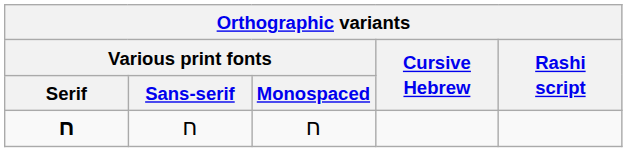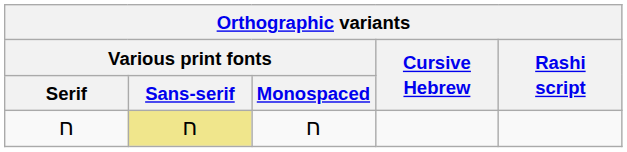 <table class="wikitable" style="text-align:center;">
 <tr>
 <th colspan="5"><small><a href='#'>Orthographic</a> variants</small></th>
 </tr>
 <tr>
 <th colspan="3"><small>Various print fonts</small></th>
 <th rowspan="2"><small><a href='#'>Cursive<br>Hebrew</a></small></th>
 <th rowspan="2"><small><a href='#'>Rashi<br>script</a></small></th>
 </tr>
 <tr>
 <th><small>Serif</small></th>
 <th><small><a href='#'>Sans-serif</a></small></th>
 <th><small><a href='#'>Monospaced</a></small></th>
 </tr>
 <tr>
-<td width="20%"><strong><span>ח</span></strong></td>
 <td width="20%"><span>ח</span></td>
+<td width="20%" style="background: khaki;"><span>ח</span></td>
 <td width="20%"><span>ח</span></td>
 <td width="20%"></td>
 <td width="20%"></td>
 </tr>
 </table>
